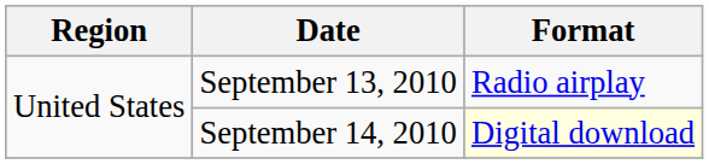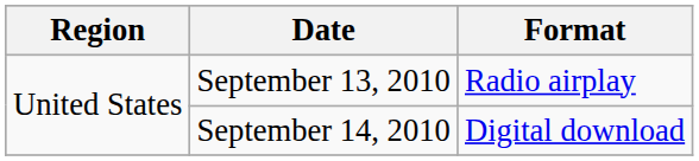 <table class="wikitable">
 <tr>
 <th>Region</th>
 <th>Date</th>
 <th>Format</th>
 </tr>
 <tr>
 <td rowspan="2">United States</td>
 <td>September 13, 2010</td>
 <td><a href='#'>Radio airplay</a></td>
 </tr>
 <tr>
 <td>September 14, 2010</td>
-<td style="background: lightyellow;"><a href='#'>Digital download</a></td>
+<td><a href='#'>Digital download</a></td>
 </tr>
 </table>
